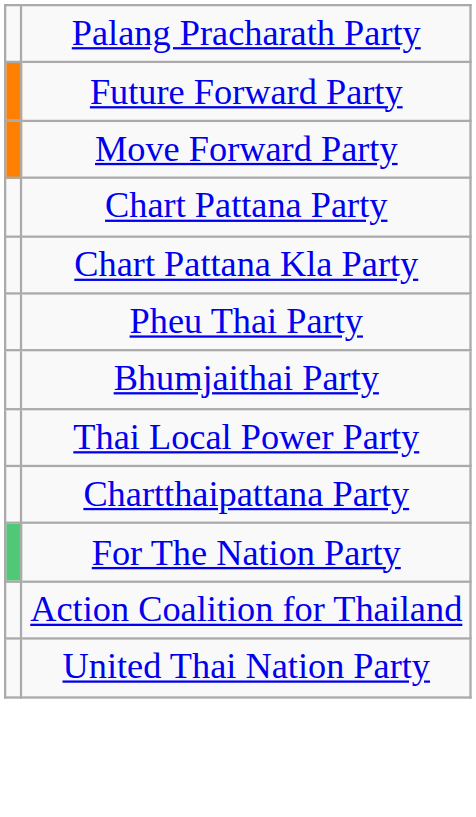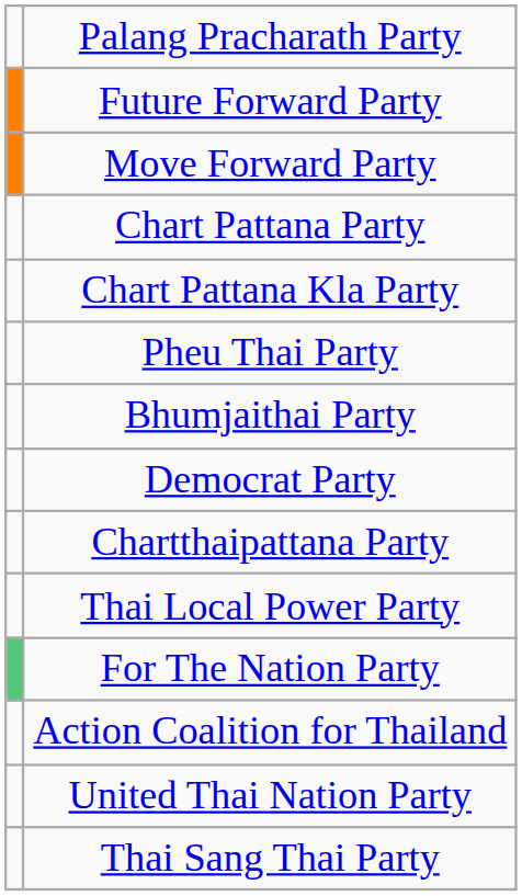 <table class="wikitable" style="text-align:center;">
 <tr>
 <td style="width=20;background-color:"></td>
 <td><a href='#'>Palang Pracharath Party</a></td>
 </tr>
 <tr>
 <td style="width=20;background-color:#FF8000"></td>
 <td><a href='#'>Future Forward Party</a></td>
 </tr>
 <tr>
 <td style="width=20;background-color:#FF8000"></td>
 <td><a href='#'>Move Forward Party</a></td>
 </tr>
 <tr>
 <td style="width=20;background-color:"></td>
 <td><a href='#'>Chart Pattana Party</a></td>
 </tr>
 <tr>
 <td style="width=20;background-color:"></td>
 <td><a href='#'>Chart Pattana Kla Party</a></td>
 </tr>
 <tr>
 <td style="width=20;background-color:"></td>
 <td><a href='#'>Pheu Thai Party</a></td>
 </tr>
 <tr>
 <td style="width=20;background-color:"></td>
 <td><a href='#'>Bhumjaithai Party</a></td>
 </tr>
 <tr>
 <td style="width=20;background-color:"></td>
-<td><a href='#'>Thai Local Power Party</a></td>
+<td><a href='#'>Democrat Party</a></td>
 </tr>
 <tr>
 <td style="width=20;background-color:"></td>
 <td><a href='#'>Chartthaipattana Party</a></td>
+</tr>
+<tr>
+<td style="width=20;background-color:"></td>
+<td><a href='#'>Thai Local Power Party</a></td>
 </tr>
 <tr>
 <td style="width=20;background-color:#50C878"></td>
 <td><a href='#'>For The Nation Party</a></td>
 </tr>
 <tr>
 <td style="width=20;background-color:"></td>
 <td><a href='#'>Action Coalition for Thailand</a></td>
 </tr>
 <tr>
 <td style="width=20;background-color:"></td>
 <td><a href='#'>United Thai Nation Party</a></td>
 </tr>
+<tr>
+<td style="width=20;background-color:"></td>
+<td><a href='#'>Thai Sang Thai Party</a></td>
+</tr>
 </table>
